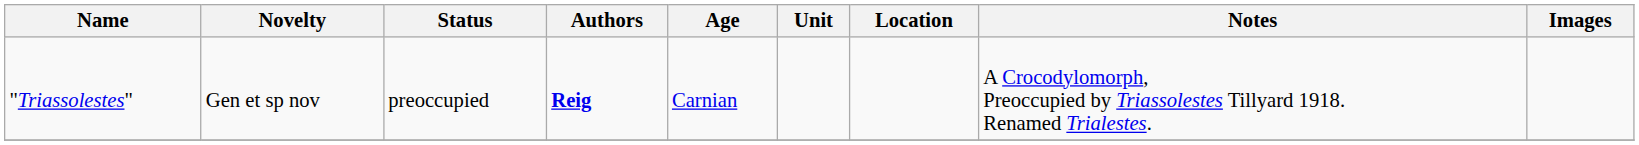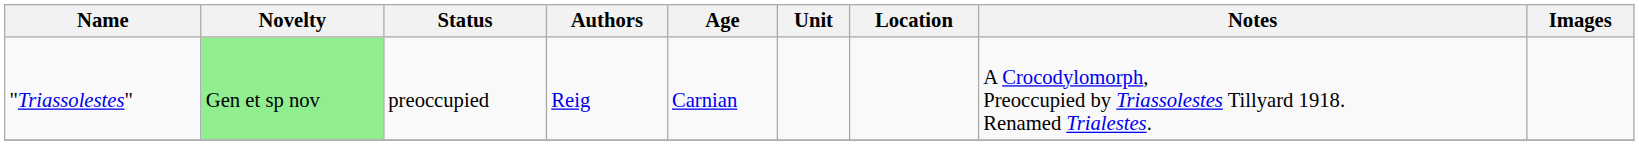 <table class="wikitable sortable" align="center" width="100%">
 <tr>
 <th>Name</th>
 <th>Novelty</th>
 <th>Status</th>
 <th>Authors</th>
 <th>Age</th>
 <th>Unit</th>
 <th>Location</th>
 <th>Notes</th>
 <th>Images</th>
 </tr>
 <tr>
 <td><br>"<em><a href='#'>Triassolestes</a></em>"</td>
-<td><br>Gen et sp nov</td>
+<td style="background: lightgreen;"><br>Gen et sp nov</td>
 <td><br>preoccupied</td>
-<td><strong><br><a href='#'>Reig</a></strong></td>
+<td><br><a href='#'>Reig</a></td>
 <td><br><a href='#'>Carnian</a></td>
 <td></td>
 <td></td>
 <td><br>A <a href='#'>Crocodylomorph</a>, <br>Preoccupied by <em><a href='#'>Triassolestes</a></em> Tillyard 1918. <br>Renamed <em><a href='#'>Trialestes</a></em>.</td>
 <td></td>
 </tr>
 <tr>
 </tr>
 </table>
